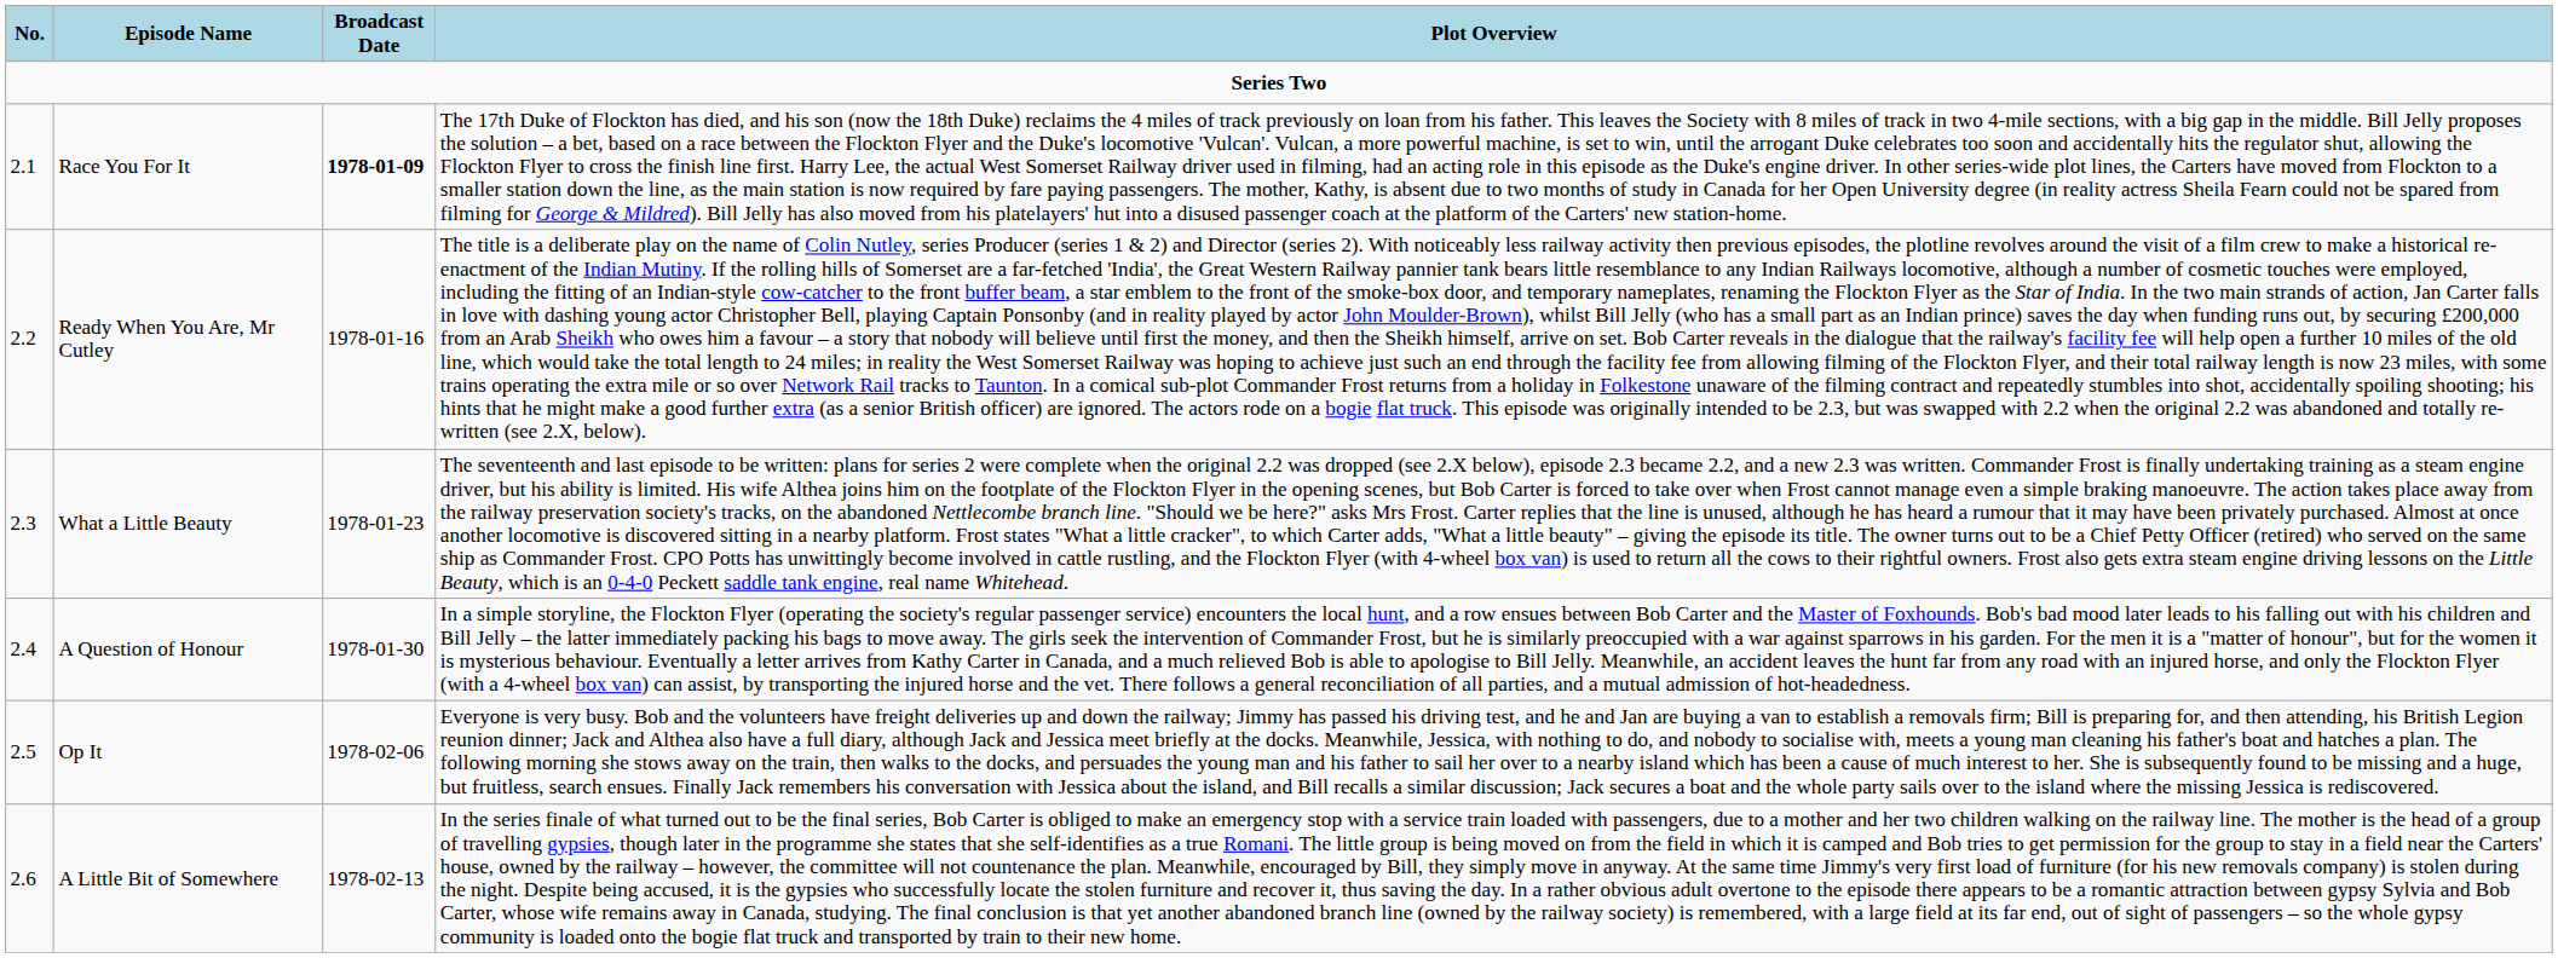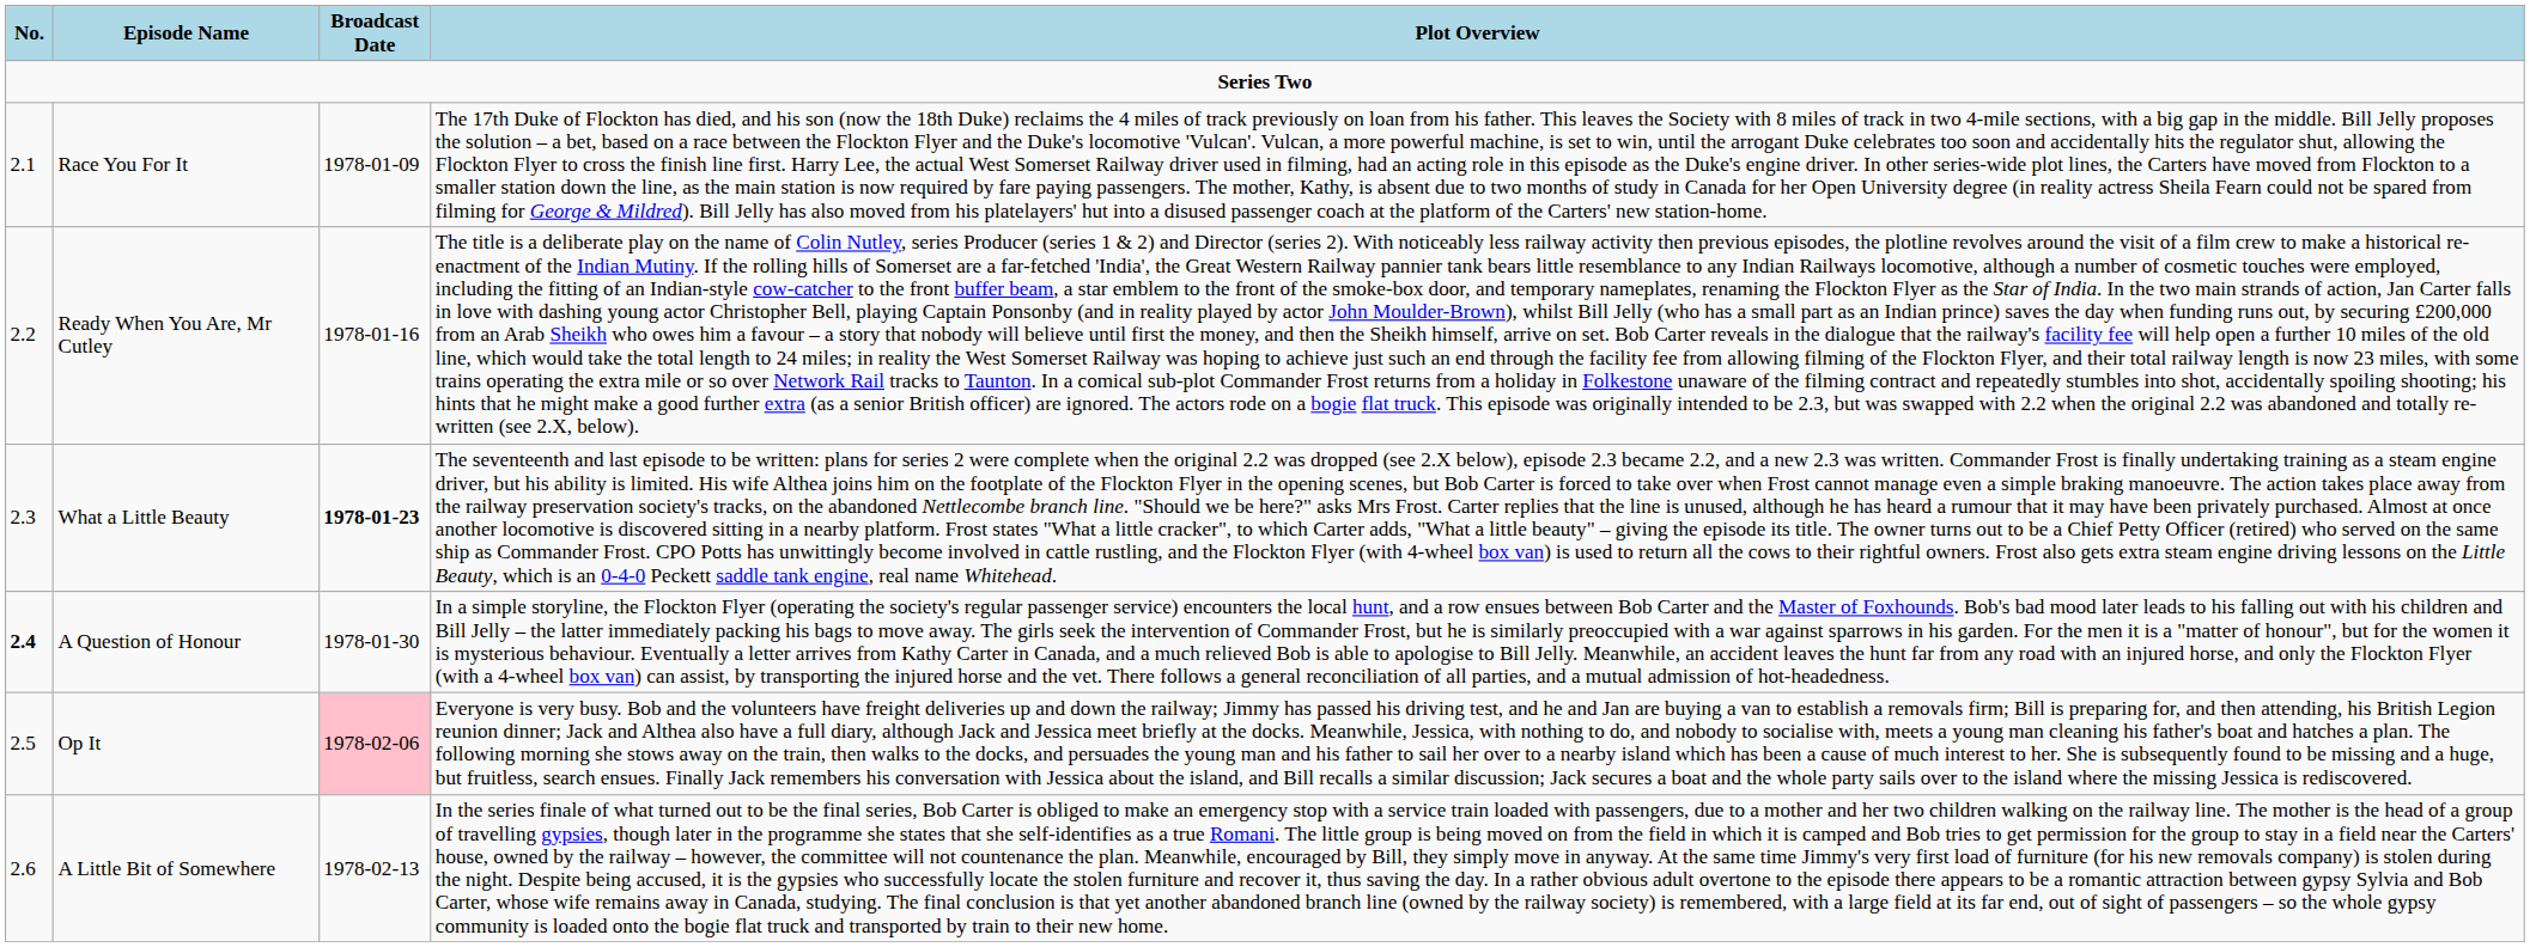 <table class="wikitable">
 <tr>
 <th style="background:lightblue; color:black" width="30">No.</th>
 <th style="background:lightblue; color:black" width="200">Episode Name</th>
 <th style="background:lightblue; color:black" width="80">Broadcast Date</th>
 <th style="background:lightblue; color:black">Plot Overview</th>
 </tr>
 <tr>
 <td colspan="4" align="center" height=25><strong>Series Two</strong></td>
 </tr>
 <tr>
 <td>2.1</td>
 <td>Race You For It</td>
-<td><strong>1978-01-09</strong></td>
+<td>1978-01-09</td>
 <td>The 17th Duke of Flockton has died, and his son (now the 18th Duke) reclaims the 4 miles of track previously on loan from his father. This leaves the Society with 8 miles of track in two 4-mile sections, with a big gap in the middle. Bill Jelly proposes the solution – a bet, based on a race between the Flockton Flyer and the Duke's locomotive 'Vulcan'. Vulcan, a more powerful machine, is set to win, until the arrogant Duke celebrates too soon and accidentally hits the regulator shut, allowing the Flockton Flyer to cross the finish line first. Harry Lee, the actual West Somerset Railway driver used in filming, had an acting role in this episode as the Duke's engine driver. In other series-wide plot lines, the Carters have moved from Flockton to a smaller station down the line, as the main station is now required by fare paying passengers. The mother, Kathy, is absent due to two months of study in Canada for her Open University degree (in reality actress Sheila Fearn could not be spared from filming for <em><a href='#'>George & Mildred</a></em>). Bill Jelly has also moved from his platelayers' hut into a disused passenger coach at the platform of the Carters' new station-home.</td>
 </tr>
 <tr>
 <td>2.2</td>
 <td>Ready When You Are, Mr Cutley</td>
 <td>1978-01-16</td>
 <td>The title is a deliberate play on the name of <a href='#'>Colin Nutley</a>, series Producer (series 1 & 2) and Director (series 2). With noticeably less railway activity then previous episodes, the plotline revolves around the visit of a film crew to make a historical re-enactment of the <a href='#'>Indian Mutiny</a>. If the rolling hills of Somerset are a far-fetched 'India', the Great Western Railway pannier tank bears little resemblance to any Indian Railways locomotive, although a number of cosmetic touches were employed, including the fitting of an Indian-style <a href='#'>cow-catcher</a> to the front <a href='#'>buffer beam</a>, a star emblem to the front of the smoke-box door, and temporary nameplates, renaming the Flockton Flyer as the <em>Star of India</em>. In the two main strands of action, Jan Carter falls in love with dashing young actor Christopher Bell, playing Captain Ponsonby (and in reality played by actor <a href='#'>John Moulder-Brown</a>), whilst Bill Jelly (who has a small part as an Indian prince) saves the day when funding runs out, by securing £200,000 from an Arab <a href='#'>Sheikh</a> who owes him a favour – a story that nobody will believe until first the money, and then the Sheikh himself, arrive on set. Bob Carter reveals in the dialogue that the railway's <a href='#'>facility fee</a> will help open a further 10 miles of the old line, which would take the total length to 24 miles; in reality the West Somerset Railway was hoping to achieve just such an end through the facility fee from allowing filming of the Flockton Flyer, and their total railway length is now 23 miles, with some trains operating the extra mile or so over <a href='#'>Network Rail</a> tracks to <a href='#'>Taunton</a>. In a comical sub-plot Commander Frost returns from a holiday in <a href='#'>Folkestone</a> unaware of the filming contract and repeatedly stumbles into shot, accidentally spoiling shooting; his hints that he might make a good further <a href='#'>extra</a> (as a senior British officer) are ignored. The actors rode on a <a href='#'>bogie</a> <a href='#'>flat truck</a>. This episode was originally intended to be 2.3, but was swapped with 2.2 when the original 2.2 was abandoned and totally re-written (see 2.X, below).</td>
 </tr>
 <tr>
 <td>2.3</td>
 <td>What a Little Beauty</td>
-<td>1978-01-23</td>
+<td><strong>1978-01-23</strong></td>
 <td>The seventeenth and last episode to be written: plans for series 2 were complete when the original 2.2 was dropped (see 2.X below), episode 2.3 became 2.2, and a new 2.3 was written. Commander Frost is finally undertaking training as a steam engine driver, but his ability is limited. His wife Althea joins him on the footplate of the Flockton Flyer in the opening scenes, but Bob Carter is forced to take over when Frost cannot manage even a simple braking manoeuvre. The action takes place away from the railway preservation society's tracks, on the abandoned <em>Nettlecombe branch line</em>. "Should we be here?" asks Mrs Frost. Carter replies that the line is unused, although he has heard a rumour that it may have been privately purchased. Almost at once another locomotive is discovered sitting in a nearby platform. Frost states "What a little cracker", to which Carter adds, "What a little beauty" – giving the episode its title. The owner turns out to be a Chief Petty Officer (retired) who served on the same ship as Commander Frost. CPO Potts has unwittingly become involved in cattle rustling, and the Flockton Flyer (with 4-wheel <a href='#'>box van</a>) is used to return all the cows to their rightful owners. Frost also gets extra steam engine driving lessons on the <em>Little Beauty</em>, which is an <a href='#'>0-4-0</a> Peckett <a href='#'>saddle tank engine</a>, real name <em>Whitehead</em>.</td>
 </tr>
 <tr>
-<td>2.4</td>
+<td><strong>2.4</strong></td>
 <td>A Question of Honour</td>
 <td>1978-01-30</td>
 <td>In a simple storyline, the Flockton Flyer (operating the society's regular passenger service) encounters the local <a href='#'>hunt</a>, and a row ensues between Bob Carter and the <a href='#'>Master of Foxhounds</a>. Bob's bad mood later leads to his falling out with his children and Bill Jelly – the latter immediately packing his bags to move away. The girls seek the intervention of Commander Frost, but he is similarly preoccupied with a war against sparrows in his garden. For the men it is a "matter of honour", but for the women it is mysterious behaviour. Eventually a letter arrives from Kathy Carter in Canada, and a much relieved Bob is able to apologise to Bill Jelly. Meanwhile, an accident leaves the hunt far from any road with an injured horse, and only the Flockton Flyer (with a 4-wheel <a href='#'>box van</a>) can assist, by transporting the injured horse and the vet. There follows a general reconciliation of all parties, and a mutual admission of hot-headedness.</td>
 </tr>
 <tr>
 <td>2.5</td>
 <td>Op It</td>
-<td>1978-02-06</td>
+<td style="background: pink;">1978-02-06</td>
 <td>Everyone is very busy. Bob and the volunteers have freight deliveries up and down the railway; Jimmy has passed his driving test, and he and Jan are buying a van to establish a removals firm; Bill is preparing for, and then attending, his British Legion reunion dinner; Jack and Althea also have a full diary, although Jack and Jessica meet briefly at the docks. Meanwhile, Jessica, with nothing to do, and nobody to socialise with, meets a young man cleaning his father's boat and hatches a plan. The following morning she stows away on the train, then walks to the docks, and persuades the young man and his father to sail her over to a nearby island which has been a cause of much interest to her. She is subsequently found to be missing and a huge, but fruitless, search ensues. Finally Jack remembers his conversation with Jessica about the island, and Bill recalls a similar discussion; Jack secures a boat and the whole party sails over to the island where the missing Jessica is rediscovered.</td>
 </tr>
 <tr>
 <td>2.6</td>
 <td>A Little Bit of Somewhere</td>
 <td>1978-02-13</td>
 <td>In the series finale of what turned out to be the final series, Bob Carter is obliged to make an emergency stop with a service train loaded with passengers, due to a mother and her two children walking on the railway line. The mother is the head of a group of travelling <a href='#'>gypsies</a>, though later in the programme she states that she self-identifies as a true <a href='#'>Romani</a>. The little group is being moved on from the field in which it is camped and Bob tries to get permission for the group to stay in a field near the Carters' house, owned by the railway – however, the committee will not countenance the plan. Meanwhile, encouraged by Bill, they simply move in anyway. At the same time Jimmy's very first load of furniture (for his new removals company) is stolen during the night. Despite being accused, it is the gypsies who successfully locate the stolen furniture and recover it, thus saving the day. In a rather obvious adult overtone to the episode there appears to be a romantic attraction between gypsy Sylvia and Bob Carter, whose wife remains away in Canada, studying. The final conclusion is that yet another abandoned branch line (owned by the railway society) is remembered, with a large field at its far end, out of sight of passengers – so the whole gypsy community is loaded onto the bogie flat truck and transported by train to their new home.</td>
 </tr>
 </table>
